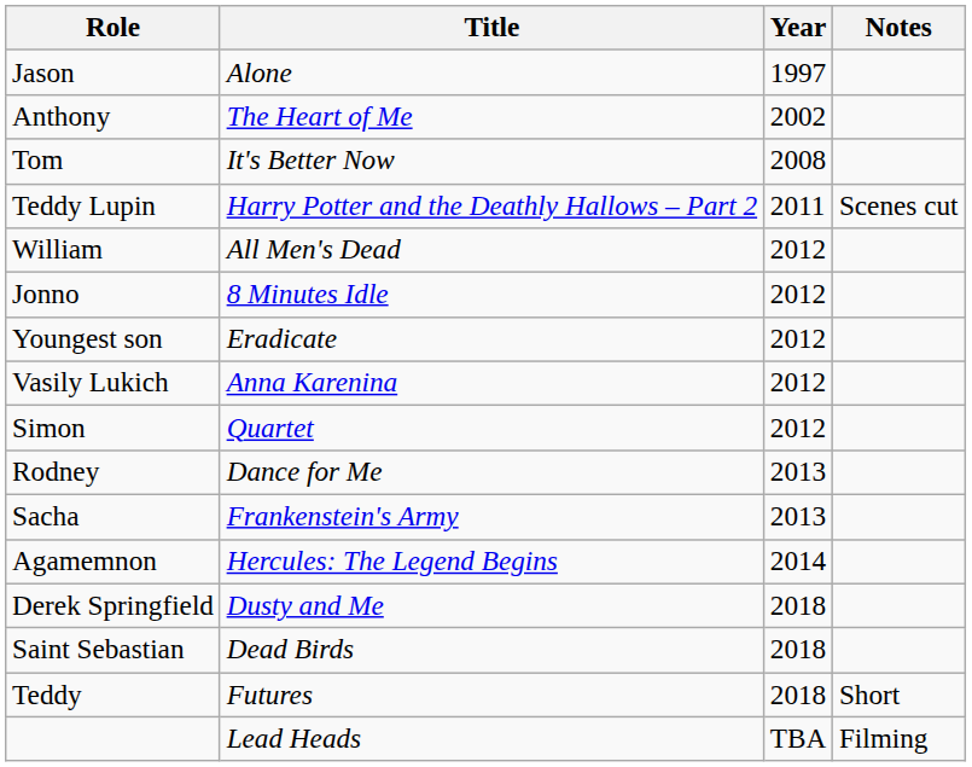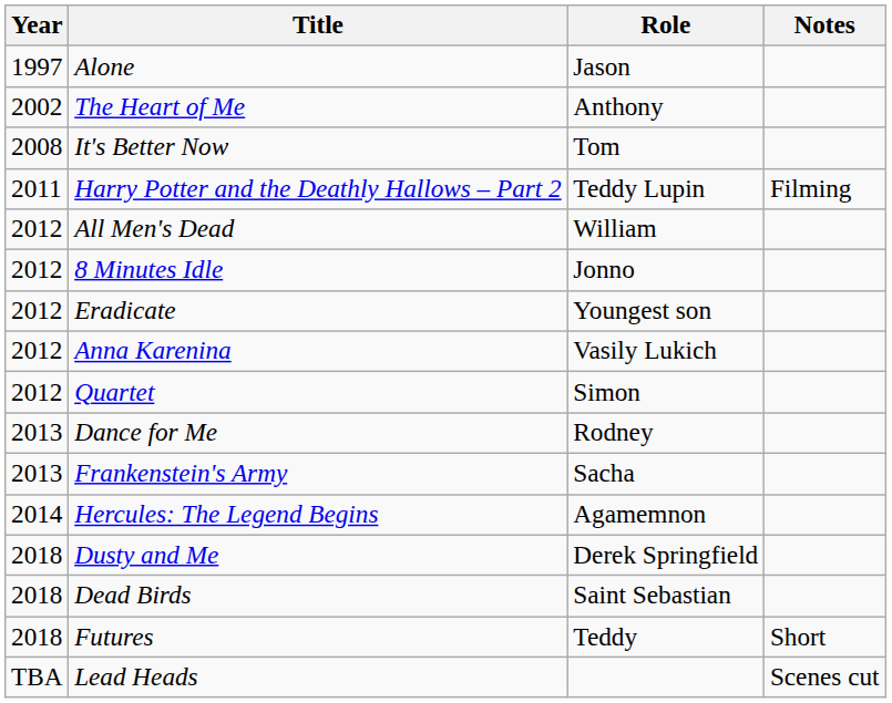 <table class="wikitable sortable">
 <tr>
+<th>Year</th>
+<th>Title</th>
 <th>Role</th>
-<th>Title</th>
-<th>Year</th>
 <th class="unsortable">Notes</th>
 </tr>
 <tr>
+<td>1997</td>
+<td><em>Alone</em></td>
 <td>Jason</td>
-<td><em>Alone</em></td>
-<td>1997</td>
 <td></td>
 </tr>
 <tr>
+<td>2002</td>
+<td data-sort-value="Heart of Me, The"><em><a href='#'>The Heart of Me</a></em></td>
 <td>Anthony</td>
-<td data-sort-value="Heart of Me, The"><em><a href='#'>The Heart of Me</a></em></td>
-<td>2002</td>
 <td></td>
 </tr>
 <tr>
+<td>2008</td>
+<td><em>It's Better Now</em></td>
 <td>Tom</td>
-<td><em>It's Better Now</em></td>
-<td>2008</td>
 <td></td>
 </tr>
 <tr>
+<td>2011</td>
+<td><em><a href='#'>Harry Potter and the Deathly Hallows – Part 2</a></em></td>
 <td>Teddy Lupin</td>
-<td><em><a href='#'>Harry Potter and the Deathly Hallows – Part 2</a></em></td>
-<td>2011</td>
-<td>Scenes cut</td>
+<td>Filming</td>
 </tr>
 <tr>
+<td>2012</td>
+<td><em>All Men's Dead</em></td>
 <td>William</td>
-<td><em>All Men's Dead</em></td>
-<td>2012</td>
 <td></td>
 </tr>
 <tr>
+<td>2012</td>
+<td data-sort-value="Eight Minutes Idle"><em><a href='#'>8 Minutes Idle</a></em></td>
 <td>Jonno</td>
-<td data-sort-value="Eight Minutes Idle"><em><a href='#'>8 Minutes Idle</a></em></td>
-<td>2012</td>
 <td></td>
 </tr>
 <tr>
+<td>2012</td>
+<td><em>Eradicate</em></td>
 <td>Youngest son</td>
-<td><em>Eradicate</em></td>
-<td>2012</td>
 <td></td>
 </tr>
 <tr>
+<td>2012</td>
+<td><em><a href='#'>Anna Karenina</a></em></td>
 <td>Vasily Lukich</td>
-<td><em><a href='#'>Anna Karenina</a></em></td>
-<td>2012</td>
 <td></td>
 </tr>
 <tr>
+<td>2012</td>
+<td><em><a href='#'>Quartet</a></em></td>
 <td>Simon</td>
-<td><em><a href='#'>Quartet</a></em></td>
-<td>2012</td>
 <td></td>
 </tr>
 <tr>
+<td>2013</td>
+<td><em>Dance for Me</em></td>
 <td>Rodney</td>
-<td><em>Dance for Me</em></td>
-<td>2013</td>
 <td></td>
 </tr>
 <tr>
+<td>2013</td>
+<td><em><a href='#'>Frankenstein's Army</a></em></td>
 <td>Sacha</td>
-<td><em><a href='#'>Frankenstein's Army</a></em></td>
-<td>2013</td>
 <td></td>
 </tr>
 <tr>
+<td>2014</td>
+<td><em><a href='#'>Hercules: The Legend Begins</a></em></td>
 <td>Agamemnon</td>
-<td><em><a href='#'>Hercules: The Legend Begins</a></em></td>
-<td>2014</td>
 <td></td>
 </tr>
 <tr>
+<td>2018</td>
+<td><em><a href='#'>Dusty and Me</a></em></td>
 <td>Derek Springfield</td>
-<td><em><a href='#'>Dusty and Me</a></em></td>
-<td>2018</td>
 <td></td>
 </tr>
 <tr>
+<td>2018</td>
+<td><em>Dead Birds</em></td>
 <td>Saint Sebastian</td>
-<td><em>Dead Birds</em></td>
-<td>2018</td>
 <td></td>
 </tr>
 <tr>
+<td>2018</td>
+<td><em>Futures</em></td>
 <td>Teddy</td>
-<td><em>Futures</em></td>
-<td>2018</td>
 <td>Short</td>
 </tr>
 <tr>
+<td>TBA</td>
+<td><em>Lead Heads</em></td>
 <td></td>
-<td><em>Lead Heads</em></td>
-<td>TBA</td>
-<td>Filming</td>
+<td>Scenes cut</td>
 </tr>
 </table>
